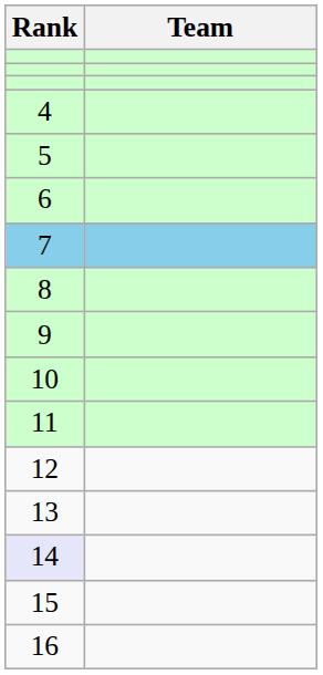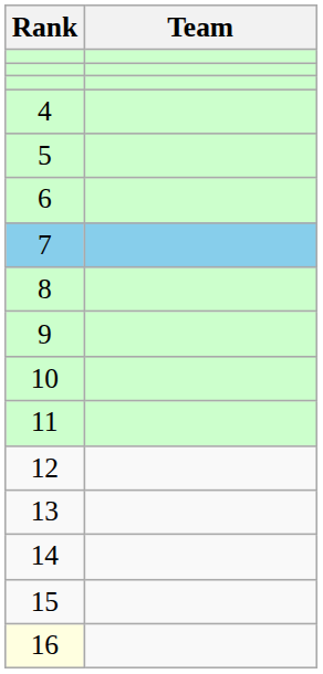 <table class=wikitable style="text-align:center;">
 <tr>
 <th>Rank</th>
 <th width=125>Team</th>
 </tr>
 <tr bgcolor=#ccffcc>
 <td></td>
 <td align=left></td>
 </tr>
 <tr bgcolor=#ccffcc>
 <td></td>
 <td align=left></td>
 </tr>
 <tr bgcolor=#ccffcc>
 <td></td>
 <td align=left></td>
 </tr>
 <tr bgcolor=#ccffcc>
 <td>4</td>
 <td align=left></td>
 </tr>
 <tr bgcolor=#ccffcc>
 <td>5</td>
 <td align=left></td>
 </tr>
 <tr bgcolor=#ccffcc>
 <td>6</td>
 <td align=left></td>
 </tr>
 <tr bgcolor=skyblue>
 <td>7</td>
 <td align=left></td>
 </tr>
 <tr bgcolor=#ccffcc>
 <td>8</td>
 <td align=left></td>
 </tr>
 <tr bgcolor=#ccffcc>
 <td>9</td>
 <td align=left></td>
 </tr>
 <tr bgcolor=#ccffcc>
 <td>10</td>
 <td align=left></td>
 </tr>
 <tr bgcolor=#ccffcc>
 <td>11</td>
 <td align=left></td>
 </tr>
 <tr>
 <td>12</td>
 <td align=left></td>
 </tr>
 <tr>
 <td>13</td>
 <td align=left></td>
 </tr>
 <tr>
-<td style="background: lavender;">14</td>
+<td>14</td>
 <td align=left></td>
 </tr>
 <tr>
 <td>15</td>
 <td align=left></td>
 </tr>
 <tr>
-<td>16</td>
+<td style="background: lightyellow;">16</td>
 <td align=left></td>
 </tr>
 </table>
